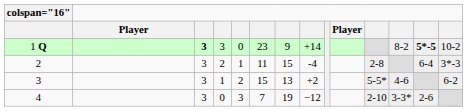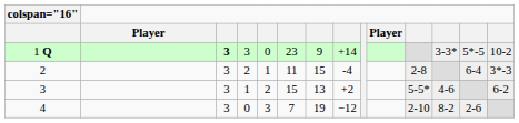 <table class=wikitable style=text-align:center>
 <tr>
 <th>colspan="16" </th>
 </tr>
 <tr>
 <th width=20 abbr=Position></th>
 <th width=175>Player</th>
 <th width=20 abbr=Played></th>
 <th width=20 abbr=Won></th>
 <th width=20 abbr=Lost></th>
 <th width=30 abbr=Points for></th>
 <th width=30 abbr=Points against></th>
 <th width=30 abbr=Points difference></th>
 <th rowspan="5" abbr=H2H></th>
 <th>Player</th>
 <th></th>
 <th></th>
 <th></th>
 <th></th>
 </tr>
 <tr bgcolor=#CCFFCC>
 <td>1 <strong>Q</strong></td>
 <td align=left></td>
 <td><strong>3</strong></td>
 <td>3</td>
 <td>0</td>
 <td>23</td>
 <td>9</td>
 <td>+14</td>
 <td></td>
 <td bgcolor="#dddddd"> </td>
-<td bgcolor="#efefef">8-2</td>
-<td bgcolor="#efefef"><strong>5*-5</strong></td>
+<td bgcolor="#efefef">3-3*</td>
+<td bgcolor="#efefef">5*-5</td>
 <td bgcolor="#efefef">10-2</td>
 </tr>
 <tr>
 <td>2  </td>
 <td align=left></td>
 <td>3</td>
 <td>2</td>
 <td>1</td>
 <td>11</td>
 <td>15</td>
 <td>-4</td>
 <td></td>
 <td bgcolor="#efefef">2-8</td>
 <td bgcolor="#dddddd"> </td>
 <td bgcolor="#efefef">6-4</td>
 <td bgcolor="#efefef">3*-3</td>
 </tr>
 <tr>
 <td>3 </td>
 <td align=left></td>
 <td>3</td>
 <td>1</td>
 <td>2</td>
 <td>15</td>
 <td>13</td>
 <td>+2</td>
 <td></td>
 <td bgcolor="#efefef">5-5*</td>
 <td bgcolor="#efefef">4-6</td>
 <td bgcolor="#dddddd"> </td>
 <td bgcolor="#efefef">6-2</td>
 </tr>
 <tr>
 <td>4 </td>
 <td align=left></td>
 <td>3</td>
 <td>0</td>
 <td>3</td>
 <td>7</td>
 <td>19</td>
 <td>−12</td>
 <td></td>
 <td bgcolor="#efefef">2-10</td>
-<td bgcolor="#efefef">3-3*</td>
+<td bgcolor="#efefef">8-2</td>
 <td bgcolor="#efefef">2-6</td>
 <td bgcolor="#dddddd"> </td>
 </tr>
 </table>
